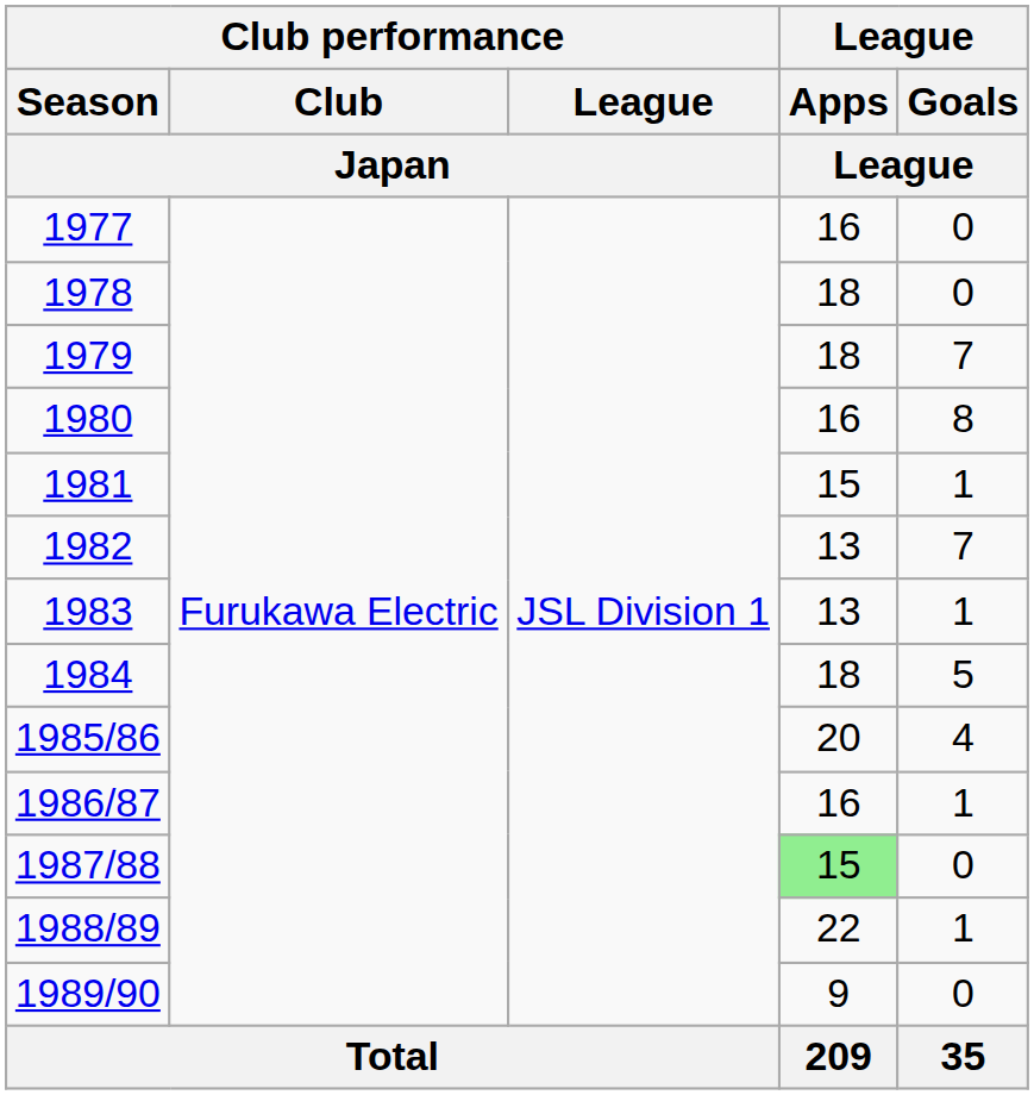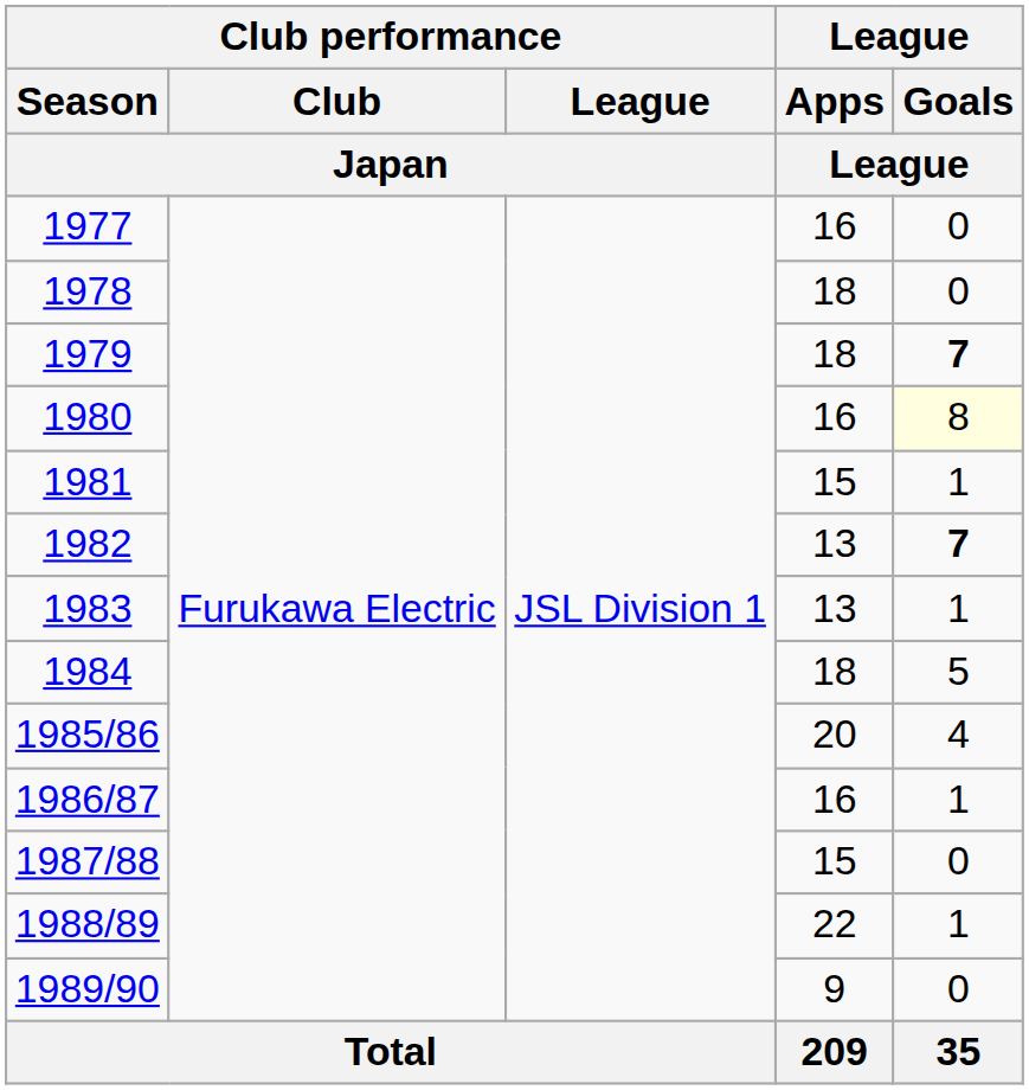 <table class="wikitable" style="text-align:center;">
 <tr>
 <th colspan=3>Club performance</th>
 <th colspan=2>League</th>
 </tr>
 <tr>
 <th>Season</th>
 <th>Club</th>
 <th>League</th>
 <th>Apps</th>
 <th>Goals</th>
 </tr>
 <tr>
 <th colspan=3>Japan</th>
 <th colspan=2>League</th>
 </tr>
 <tr>
 <td><a href='#'>1977</a></td>
 <td rowspan="13"><a href='#'>Furukawa Electric</a></td>
 <td rowspan="13"><a href='#'>JSL Division 1</a></td>
 <td>16</td>
 <td>0</td>
 </tr>
 <tr>
 <td><a href='#'>1978</a></td>
 <td>18</td>
 <td>0</td>
 </tr>
 <tr>
 <td><a href='#'>1979</a></td>
 <td>18</td>
-<td>7</td>
+<td><strong>7</strong></td>
 </tr>
 <tr>
 <td><a href='#'>1980</a></td>
 <td>16</td>
-<td>8</td>
+<td style="background: lightyellow;">8</td>
 </tr>
 <tr>
 <td><a href='#'>1981</a></td>
 <td>15</td>
 <td>1</td>
 </tr>
 <tr>
 <td><a href='#'>1982</a></td>
 <td>13</td>
-<td>7</td>
+<td><strong>7</strong></td>
 </tr>
 <tr>
 <td><a href='#'>1983</a></td>
 <td>13</td>
 <td>1</td>
 </tr>
 <tr>
 <td><a href='#'>1984</a></td>
 <td>18</td>
 <td>5</td>
 </tr>
 <tr>
 <td><a href='#'>1985/86</a></td>
 <td>20</td>
 <td>4</td>
 </tr>
 <tr>
 <td><a href='#'>1986/87</a></td>
 <td>16</td>
 <td>1</td>
 </tr>
 <tr>
 <td><a href='#'>1987/88</a></td>
-<td style="background: lightgreen;">15</td>
+<td>15</td>
 <td>0</td>
 </tr>
 <tr>
 <td><a href='#'>1988/89</a></td>
 <td>22</td>
 <td>1</td>
 </tr>
 <tr>
 <td><a href='#'>1989/90</a></td>
 <td>9</td>
 <td>0</td>
 </tr>
 <tr>
 <th colspan=3>Total</th>
 <th>209</th>
 <th>35</th>
 </tr>
 </table>
